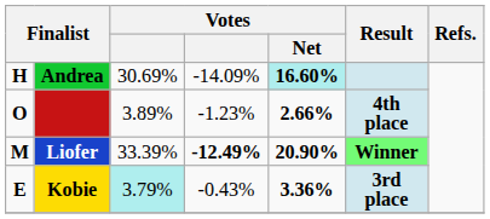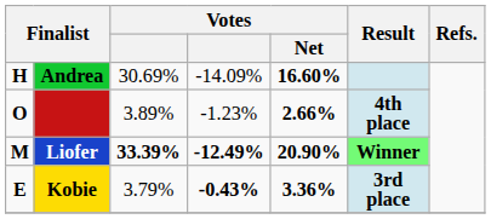 <table class="wikitable" style="text-align:center; font-size:90%; line-height:14px;" width="40%">
 <tr>
 <th colspan="2" rowspan="2" width="10%">Finalist</th>
 <th colspan="3" width="15%">Votes</th>
 <th rowspan="2" width="10%">Result</th>
 <th rowspan="2" width="05%">Refs.</th>
 </tr>
 <tr>
 <th width="05%"></th>
 <th width="05%"></th>
 <th width="05%">Net</th>
 </tr>
 <tr>
 <td width="01%"><strong>H</strong></td>
 <td style="background:#11C830;" width="05%"><strong>Andrea</strong></td>
 <td>30.69%</td>
 <td>-14.09%</td>
-<td style="background: paleturquoise;"><strong>16.60%</strong></td>
+<td><strong>16.60%</strong></td>
 <td style="background:#D1E8EF;"></td>
 <td rowspan="4"></td>
 </tr>
 <tr>
 <td><strong>O</strong></td>
 <td width="05%" style="background:#C71314; color:white;"></td>
 <td>3.89%</td>
 <td>-1.23%</td>
 <td><strong>2.66%</strong></td>
 <td style="background:#D1E8EF;"><strong>4th place</strong></td>
 </tr>
 <tr>
 <td><strong>M</strong></td>
 <td width="05%" style="background:#1842CA; color:white;"><strong>Liofer</strong></td>
-<td>33.39%</td>
+<td><strong>33.39%</strong></td>
 <td><strong>-12.49%</strong></td>
 <td><strong>20.90%</strong></td>
 <td style="background:#73FB76;"><strong>Winner</strong></td>
 </tr>
 <tr>
 <td><strong>E</strong></td>
 <td width="05%" style="background:#FDDC03;"><strong>Kobie</strong></td>
-<td style="background: paleturquoise;">3.79%</td>
-<td>-0.43%</td>
+<td>3.79%</td>
+<td><strong>-0.43%</strong></td>
 <td><strong>3.36%</strong></td>
 <td style="background:#D1E8EF;"><strong>3rd place</strong></td>
 </tr>
 <tr>
 </tr>
 </table>
